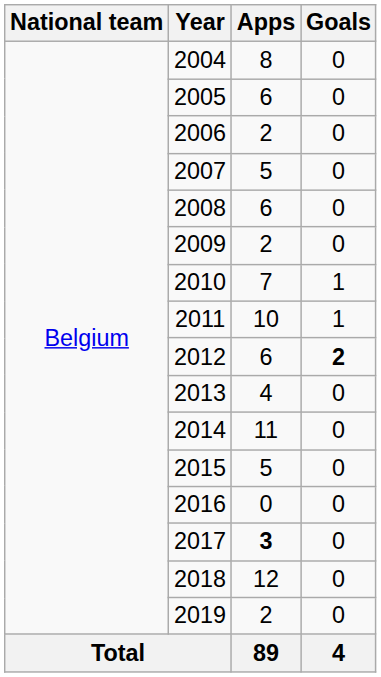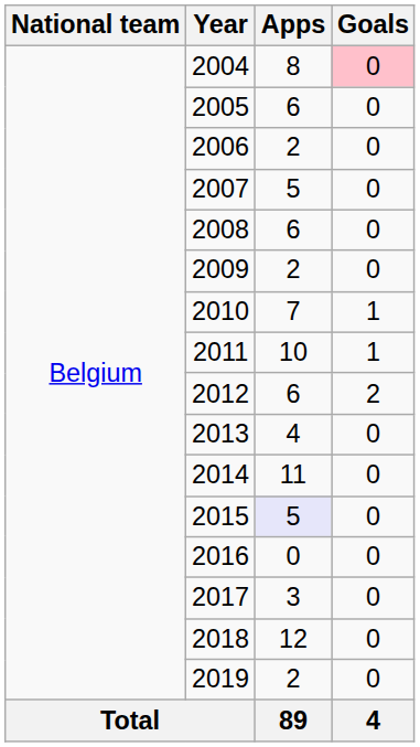 <table class="wikitable" style="text-align:center">
 <tr>
 <th>National team</th>
 <th>Year</th>
 <th>Apps</th>
 <th>Goals</th>
 </tr>
 <tr>
 <td rowspan="16"><a href='#'>Belgium</a></td>
 <td>2004</td>
 <td>8</td>
-<td>0</td>
+<td style="background: pink;">0</td>
 </tr>
 <tr>
 <td>2005</td>
 <td>6</td>
 <td>0</td>
 </tr>
 <tr>
 <td>2006</td>
 <td>2</td>
 <td>0</td>
 </tr>
 <tr>
 <td>2007</td>
 <td>5</td>
 <td>0</td>
 </tr>
 <tr>
 <td>2008</td>
 <td>6</td>
 <td>0</td>
 </tr>
 <tr>
 <td>2009</td>
 <td>2</td>
 <td>0</td>
 </tr>
 <tr>
 <td>2010</td>
 <td>7</td>
 <td>1</td>
 </tr>
 <tr>
 <td>2011</td>
 <td>10</td>
 <td>1</td>
 </tr>
 <tr>
 <td>2012</td>
 <td>6</td>
-<td><strong>2</strong></td>
+<td>2</td>
 </tr>
 <tr>
 <td>2013</td>
 <td>4</td>
 <td>0</td>
 </tr>
 <tr>
 <td>2014</td>
 <td>11</td>
 <td>0</td>
 </tr>
 <tr>
 <td>2015</td>
-<td>5</td>
+<td style="background: lavender;">5</td>
 <td>0</td>
 </tr>
 <tr>
 <td>2016</td>
 <td>0</td>
 <td>0</td>
 </tr>
 <tr>
 <td>2017</td>
-<td><strong>3</strong></td>
+<td>3</td>
 <td>0</td>
 </tr>
 <tr>
 <td>2018</td>
 <td>12</td>
 <td>0</td>
 </tr>
 <tr>
 <td>2019</td>
 <td>2</td>
 <td>0</td>
 </tr>
 <tr>
 <th colspan=2>Total</th>
 <th>89</th>
 <th>4</th>
 </tr>
 </table>
